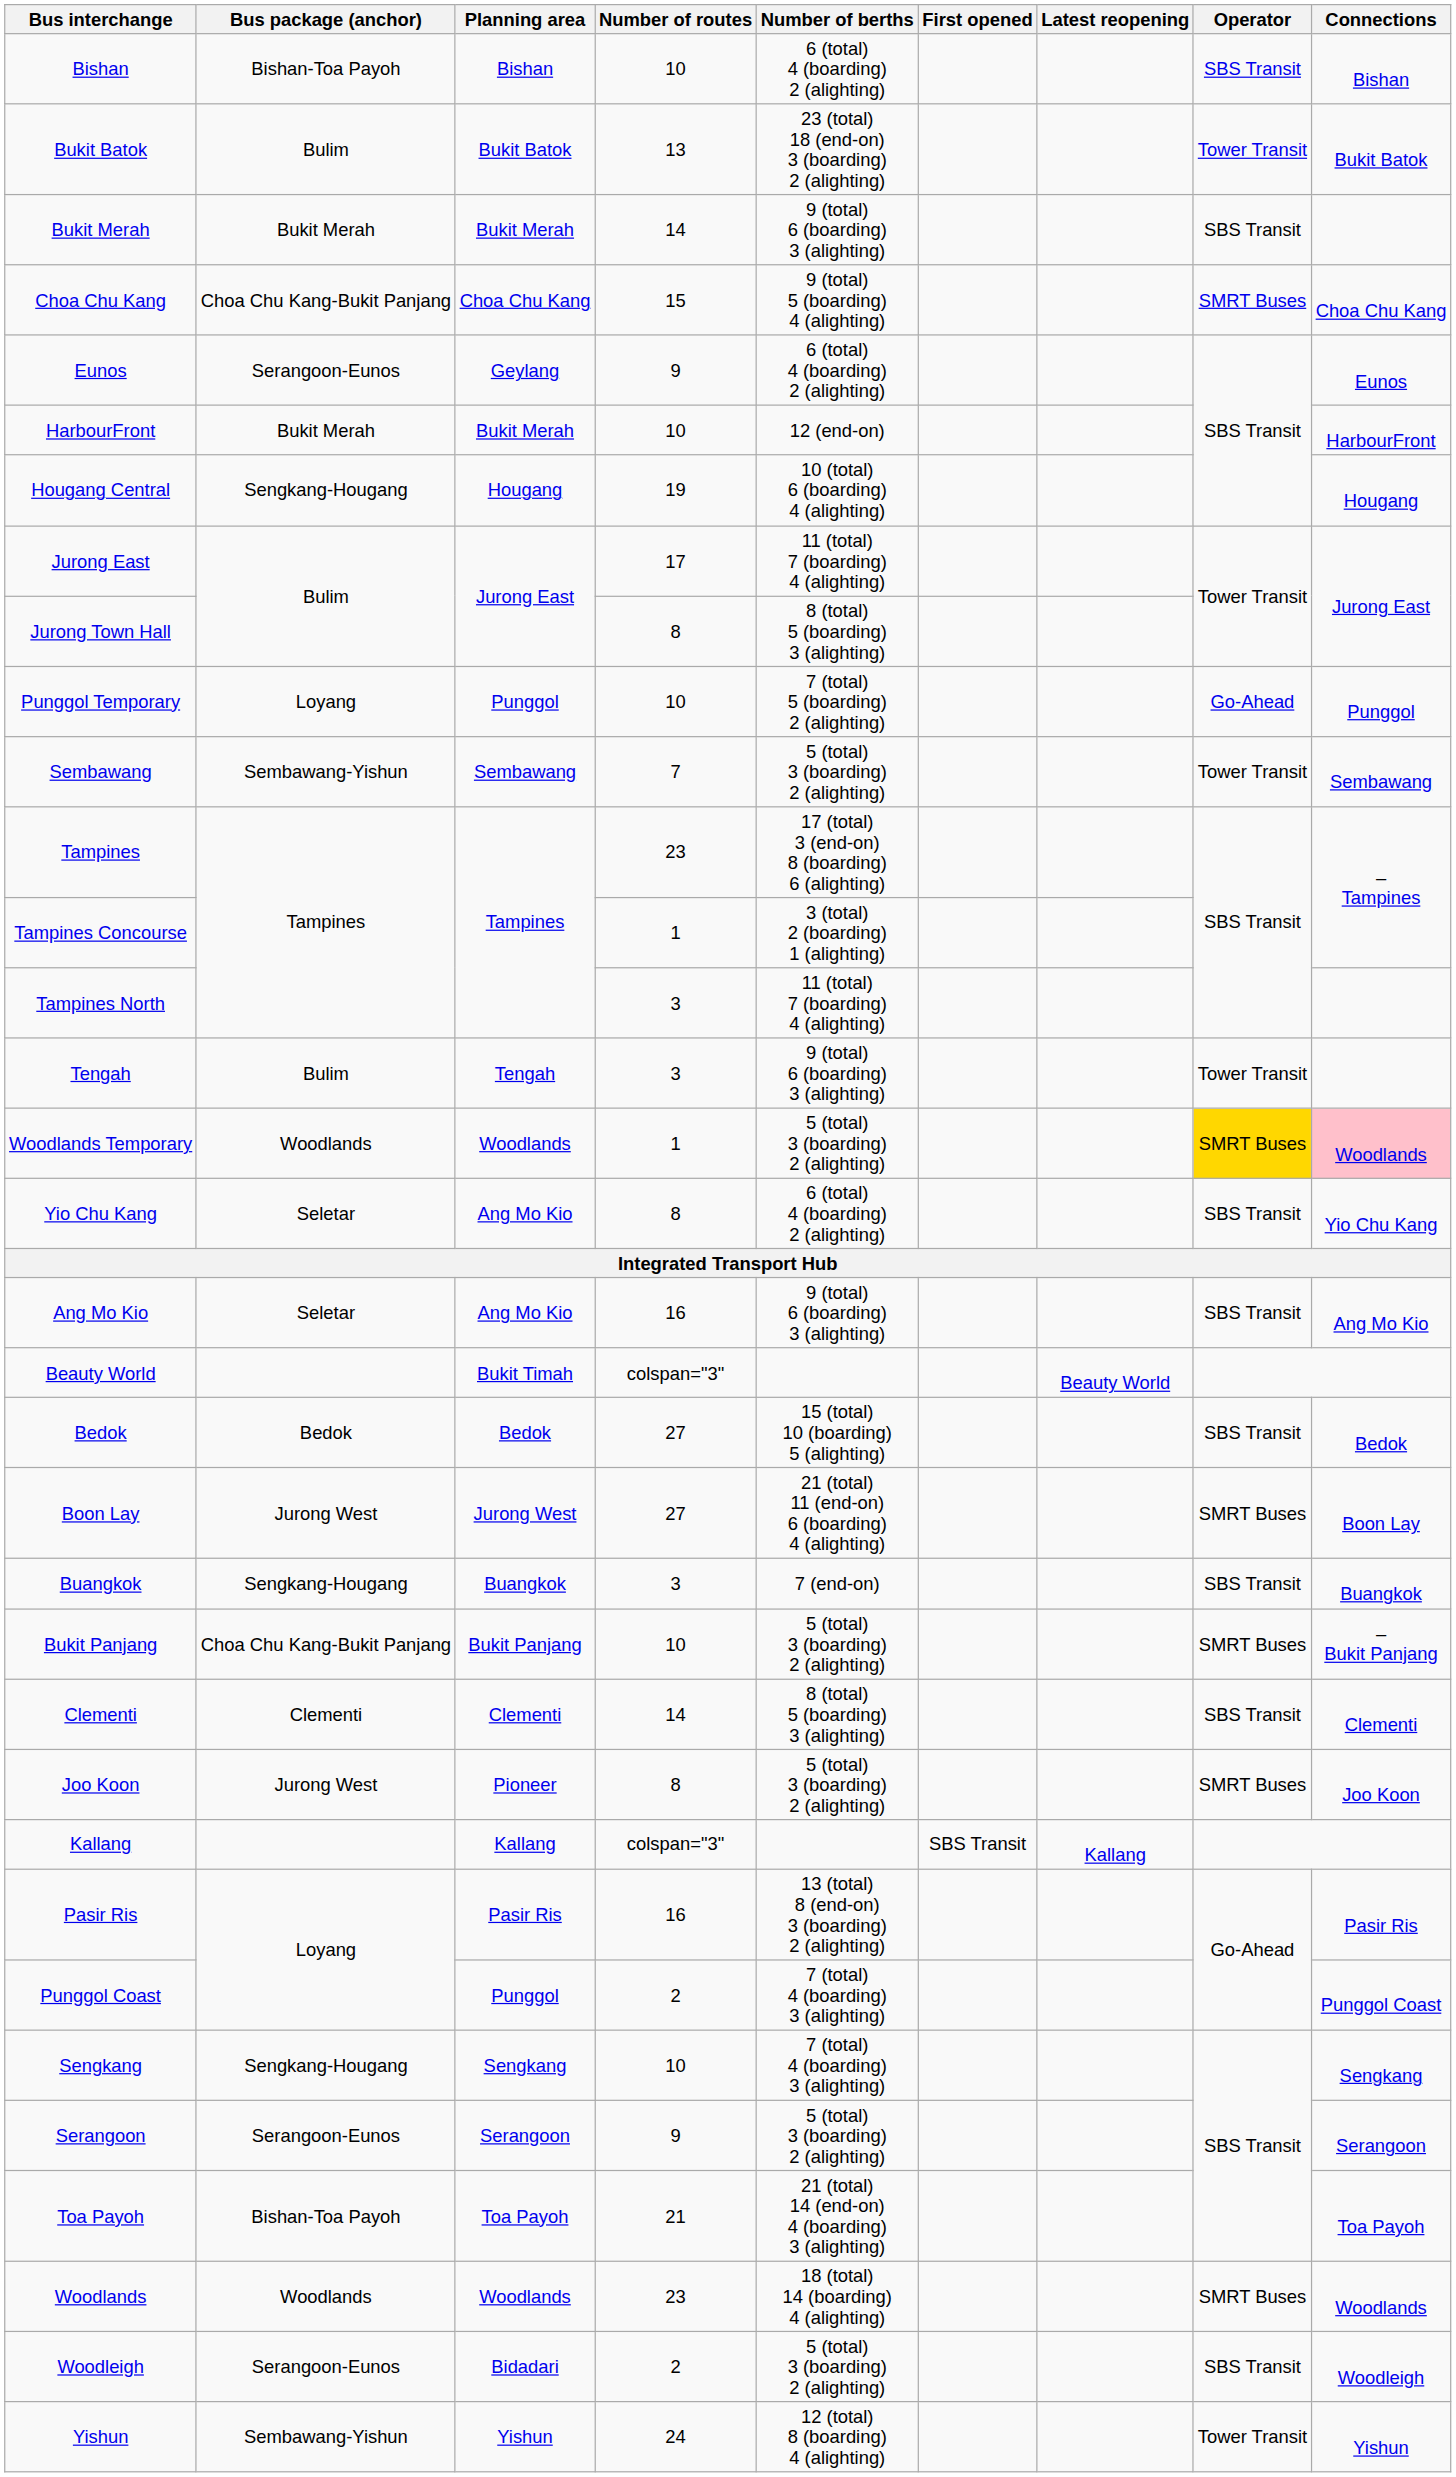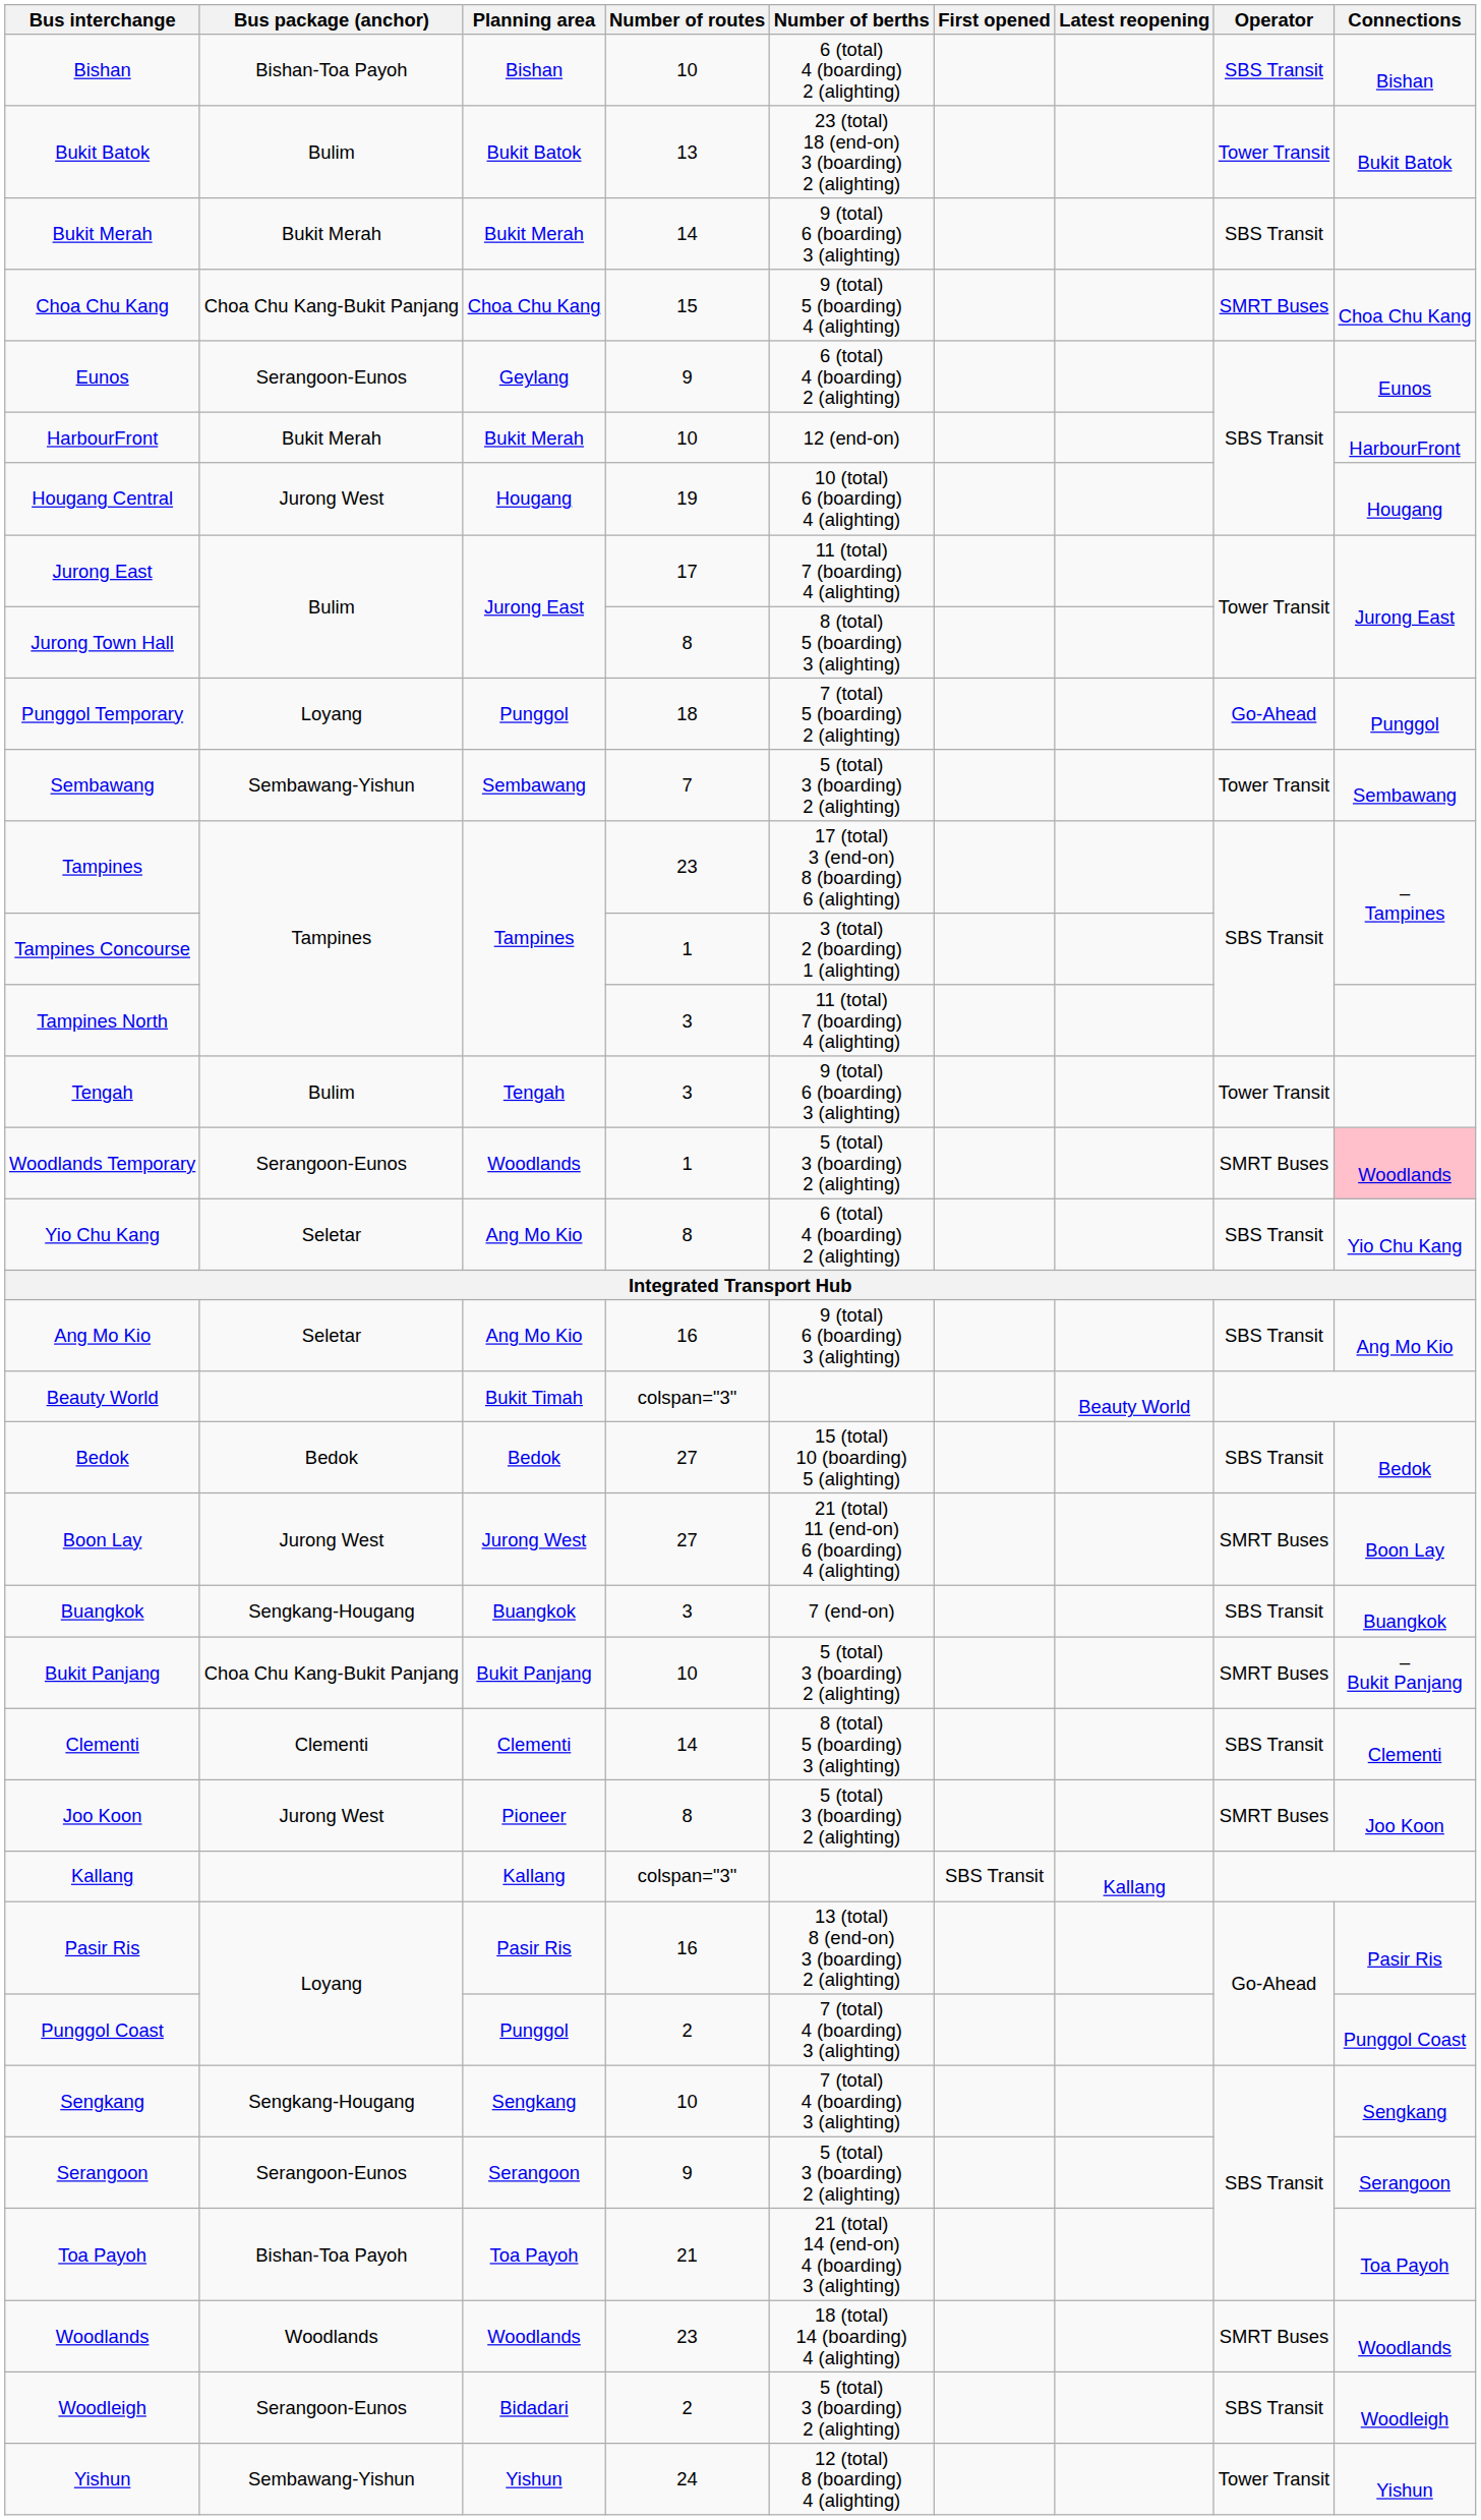 <table class="wikitable sortable sort-under-center" style="margin:auto; font-size:95%; align:center; text-align:center">
 <tr>
 <th>Bus interchange</th>
 <th>Bus package (anchor)</th>
 <th>Planning area</th>
 <th>Number of routes</th>
 <th>Number of berths</th>
 <th>First opened</th>
 <th>Latest reopening</th>
 <th>Operator</th>
 <th>Connections</th>
 </tr>
 <tr>
 <td><a href='#'>Bishan</a></td>
 <td>Bishan-Toa Payoh</td>
 <td><a href='#'>Bishan</a></td>
 <td>10</td>
 <td>6 (total)<br>4 (boarding)<br>2 (alighting)</td>
 <td></td>
 <td></td>
 <td><a href='#'>SBS Transit</a></td>
 <td><br><a href='#'>Bishan</a></td>
 </tr>
 <tr>
 <td><a href='#'>Bukit Batok</a></td>
 <td>Bulim</td>
 <td><a href='#'>Bukit Batok</a></td>
 <td>13</td>
 <td>23 (total)<br>18 (end-on)<br>3 (boarding)<br>2 (alighting)</td>
 <td></td>
 <td></td>
 <td><a href='#'> Tower Transit</a></td>
 <td><br><a href='#'>Bukit Batok</a></td>
 </tr>
 <tr>
 <td><a href='#'>Bukit Merah</a></td>
 <td>Bukit Merah</td>
 <td><a href='#'>Bukit Merah</a></td>
 <td>14</td>
 <td>9 (total)<br>6 (boarding)<br>3 (alighting)</td>
 <td></td>
 <td></td>
 <td>SBS Transit</td>
 <td></td>
 </tr>
 <tr>
 <td><a href='#'>Choa Chu Kang</a></td>
 <td>Choa Chu Kang-Bukit Panjang</td>
 <td><a href='#'>Choa Chu Kang</a></td>
 <td>15</td>
 <td>9 (total)<br>5 (boarding)<br>4 (alighting)</td>
 <td></td>
 <td></td>
 <td><a href='#'>SMRT Buses</a></td>
 <td><br><a href='#'>Choa Chu Kang</a></td>
 </tr>
 <tr>
 <td><a href='#'>Eunos</a></td>
 <td>Serangoon-Eunos</td>
 <td><a href='#'>Geylang</a></td>
 <td>9</td>
 <td>6 (total)<br>4 (boarding)<br>2 (alighting)</td>
 <td></td>
 <td></td>
 <td rowspan="3">SBS Transit</td>
 <td><br><a href='#'>Eunos</a></td>
 </tr>
 <tr>
 <td><a href='#'>HarbourFront</a></td>
 <td>Bukit Merah</td>
 <td><a href='#'>Bukit Merah</a></td>
 <td>10</td>
 <td>12 (end-on)</td>
 <td></td>
 <td></td>
 <td><br><a href='#'>HarbourFront</a></td>
 </tr>
 <tr>
 <td><a href='#'>Hougang Central</a></td>
-<td>Sengkang-Hougang</td>
+<td>Jurong West</td>
 <td><a href='#'>Hougang</a></td>
 <td>19</td>
 <td>10 (total)<br>6 (boarding)<br>4 (alighting)</td>
 <td></td>
 <td></td>
 <td><br><a href='#'>Hougang</a></td>
 </tr>
 <tr>
 <td><a href='#'>Jurong East</a></td>
 <td rowspan="2">Bulim</td>
 <td rowspan="2"><a href='#'>Jurong East</a></td>
 <td>17</td>
 <td>11 (total)<br>7 (boarding)<br>4 (alighting)</td>
 <td></td>
 <td></td>
 <td rowspan="2">Tower Transit</td>
 <td rowspan="2"><br><a href='#'>Jurong East</a></td>
 </tr>
 <tr>
 <td><a href='#'>Jurong Town Hall</a></td>
 <td>8</td>
 <td>8 (total)<br>5 (boarding)<br>3 (alighting)</td>
 <td></td>
 <td></td>
 </tr>
 <tr>
 <td><a href='#'>Punggol Temporary</a></td>
 <td>Loyang</td>
 <td><a href='#'>Punggol</a></td>
-<td>10</td>
+<td>18</td>
 <td>7 (total)<br>5 (boarding)<br>2 (alighting)</td>
 <td></td>
 <td></td>
 <td><a href='#'>Go-Ahead</a></td>
 <td><br><a href='#'>Punggol</a></td>
 </tr>
 <tr>
 <td><a href='#'>Sembawang</a></td>
 <td>Sembawang-Yishun</td>
 <td><a href='#'>Sembawang</a></td>
 <td>7</td>
 <td>5 (total)<br>3 (boarding)<br>2 (alighting)</td>
 <td></td>
 <td></td>
 <td>Tower Transit</td>
 <td><br><a href='#'>Sembawang</a></td>
 </tr>
 <tr>
 <td><a href='#'>Tampines</a></td>
 <td rowspan="3">Tampines</td>
 <td rowspan="3"><a href='#'>Tampines</a></td>
 <td>23</td>
 <td>17 (total)<br>3 (end-on)<br>8 (boarding)<br>6 (alighting)</td>
 <td></td>
 <td></td>
 <td rowspan="3">SBS Transit</td>
 <td rowspan="2">–<br><a href='#'>Tampines</a></td>
 </tr>
 <tr>
 <td><a href='#'>Tampines Concourse</a></td>
 <td>1</td>
 <td>3 (total)<br>2 (boarding)<br>1 (alighting)</td>
 <td></td>
 <td></td>
 </tr>
 <tr>
 <td><a href='#'>Tampines North</a></td>
 <td>3</td>
 <td>11 (total)<br>7 (boarding)<br>4 (alighting)</td>
 <td></td>
 <td></td>
 <td></td>
 </tr>
 <tr>
 <td><a href='#'>Tengah</a></td>
 <td>Bulim</td>
 <td><a href='#'>Tengah</a></td>
 <td>3</td>
 <td>9 (total)<br>6 (boarding)<br>3 (alighting)</td>
 <td></td>
 <td></td>
 <td>Tower Transit</td>
 <td></td>
 </tr>
 <tr>
 <td><a href='#'>Woodlands Temporary</a></td>
-<td>Woodlands</td>
+<td>Serangoon-Eunos</td>
 <td><a href='#'>Woodlands</a></td>
 <td>1</td>
 <td>5 (total)<br>3 (boarding)<br>2 (alighting)</td>
 <td></td>
 <td></td>
-<td style="background: gold;">SMRT Buses</td>
+<td>SMRT Buses</td>
 <td style="background: pink;"><br><a href='#'>Woodlands</a></td>
 </tr>
 <tr>
 <td><a href='#'>Yio Chu Kang</a></td>
 <td>Seletar</td>
 <td><a href='#'>Ang Mo Kio</a></td>
 <td>8</td>
 <td>6 (total)<br>4 (boarding)<br>2 (alighting)</td>
 <td></td>
 <td></td>
 <td>SBS Transit</td>
 <td><br><a href='#'>Yio Chu Kang</a></td>
 </tr>
 <tr>
 <th colspan="9" scope="col">Integrated Transport Hub</th>
 </tr>
 <tr>
 <td><a href='#'>Ang Mo Kio</a></td>
 <td>Seletar</td>
 <td><a href='#'>Ang Mo Kio</a></td>
 <td>16</td>
 <td>9 (total)<br>6 (boarding)<br>3 (alighting)</td>
 <td></td>
 <td></td>
 <td>SBS Transit</td>
 <td><br><a href='#'>Ang Mo Kio</a></td>
 </tr>
 <tr>
 <td><a href='#'>Beauty World</a></td>
 <td></td>
 <td><a href='#'>Bukit Timah</a></td>
 <td>colspan="3" </td>
 <td></td>
 <td></td>
 <td><br><a href='#'>Beauty World</a></td>
 </tr>
 <tr>
 <td><a href='#'>Bedok</a></td>
 <td>Bedok</td>
 <td><a href='#'>Bedok</a></td>
 <td>27</td>
 <td>15 (total)<br>10 (boarding)<br>5 (alighting)</td>
 <td></td>
 <td></td>
 <td>SBS Transit</td>
 <td><br><a href='#'>Bedok</a></td>
 </tr>
 <tr>
 <td><a href='#'>Boon Lay</a></td>
 <td>Jurong West</td>
 <td><a href='#'>Jurong West</a></td>
 <td>27</td>
 <td>21 (total)<br>11 (end-on)<br>6 (boarding)<br>4 (alighting)</td>
 <td></td>
 <td></td>
 <td>SMRT Buses</td>
 <td><br><a href='#'>Boon Lay</a></td>
 </tr>
 <tr>
 <td><a href='#'>Buangkok</a></td>
 <td>Sengkang-Hougang</td>
 <td><a href='#'>Buangkok</a></td>
 <td>3</td>
 <td>7 (end-on)</td>
 <td></td>
 <td></td>
 <td>SBS Transit</td>
 <td><br><a href='#'>Buangkok</a></td>
 </tr>
 <tr>
 <td><a href='#'>Bukit Panjang</a></td>
 <td>Choa Chu Kang-Bukit Panjang</td>
 <td><a href='#'>Bukit Panjang</a></td>
 <td>10</td>
 <td>5 (total)<br>3 (boarding)<br>2 (alighting)</td>
 <td></td>
 <td></td>
 <td>SMRT Buses</td>
 <td>–<br><a href='#'>Bukit Panjang</a></td>
 </tr>
 <tr>
 <td><a href='#'>Clementi</a></td>
 <td>Clementi</td>
 <td><a href='#'>Clementi</a></td>
 <td>14</td>
 <td>8 (total)<br>5 (boarding)<br>3 (alighting)</td>
 <td></td>
 <td></td>
 <td>SBS Transit</td>
 <td><br><a href='#'>Clementi</a></td>
 </tr>
 <tr>
 <td><a href='#'>Joo Koon</a></td>
 <td>Jurong West</td>
 <td><a href='#'>Pioneer</a></td>
 <td>8</td>
 <td>5 (total)<br>3 (boarding)<br>2 (alighting)</td>
 <td></td>
 <td></td>
 <td>SMRT Buses</td>
 <td><br><a href='#'>Joo Koon</a></td>
 </tr>
 <tr>
 <td><a href='#'>Kallang</a></td>
 <td></td>
 <td><a href='#'>Kallang</a></td>
 <td>colspan="3" </td>
 <td></td>
 <td>SBS Transit</td>
 <td><br><a href='#'>Kallang</a></td>
 </tr>
 <tr>
 <td><a href='#'>Pasir Ris</a></td>
 <td rowspan="2">Loyang</td>
 <td><a href='#'>Pasir Ris</a></td>
 <td>16</td>
 <td>13 (total)<br>8 (end-on)<br>3 (boarding)<br>2 (alighting)</td>
 <td></td>
 <td></td>
 <td rowspan="2">Go-Ahead</td>
 <td><br><a href='#'>Pasir Ris</a></td>
 </tr>
 <tr>
 <td><a href='#'>Punggol Coast</a></td>
 <td><a href='#'>Punggol</a></td>
 <td>2</td>
 <td>7 (total)<br>4 (boarding)<br>3 (alighting)</td>
 <td></td>
 <td></td>
 <td><br><a href='#'>Punggol Coast</a></td>
 </tr>
 <tr>
 <td><a href='#'>Sengkang</a></td>
 <td>Sengkang-Hougang</td>
 <td><a href='#'>Sengkang</a></td>
 <td>10</td>
 <td>7 (total)<br>4 (boarding)<br>3 (alighting)</td>
 <td></td>
 <td></td>
 <td rowspan="3">SBS Transit</td>
 <td><br><a href='#'>Sengkang</a></td>
 </tr>
 <tr>
 <td><a href='#'>Serangoon</a></td>
 <td>Serangoon-Eunos</td>
 <td><a href='#'>Serangoon</a></td>
 <td>9</td>
 <td>5 (total)<br>3 (boarding)<br>2 (alighting)</td>
 <td></td>
 <td></td>
 <td><br><a href='#'>Serangoon</a></td>
 </tr>
 <tr>
 <td><a href='#'> Toa Payoh</a></td>
 <td>Bishan-Toa Payoh</td>
 <td><a href='#'>Toa Payoh</a></td>
 <td>21</td>
 <td>21 (total)<br>14 (end-on)<br>4 (boarding)<br>3 (alighting)</td>
 <td></td>
 <td></td>
 <td><br><a href='#'> Toa Payoh</a></td>
 </tr>
 <tr>
 <td><a href='#'>Woodlands</a></td>
 <td>Woodlands</td>
 <td><a href='#'>Woodlands</a></td>
 <td>23</td>
 <td>18 (total)<br>14 (boarding)<br>4 (alighting)</td>
 <td></td>
 <td></td>
 <td>SMRT Buses</td>
 <td><br><a href='#'>Woodlands</a></td>
 </tr>
 <tr>
 <td><a href='#'>Woodleigh</a></td>
 <td>Serangoon-Eunos</td>
 <td><a href='#'>Bidadari</a></td>
 <td>2</td>
 <td>5 (total)<br>3 (boarding)<br>2 (alighting)</td>
 <td></td>
 <td></td>
 <td>SBS Transit</td>
 <td><br><a href='#'>Woodleigh</a></td>
 </tr>
 <tr>
 <td><a href='#'>Yishun</a></td>
 <td>Sembawang-Yishun</td>
 <td><a href='#'>Yishun</a></td>
 <td>24</td>
 <td>12 (total)<br>8 (boarding)<br>4 (alighting)</td>
 <td></td>
 <td></td>
 <td>Tower Transit</td>
 <td><br><a href='#'>Yishun</a></td>
 </tr>
 </table>
